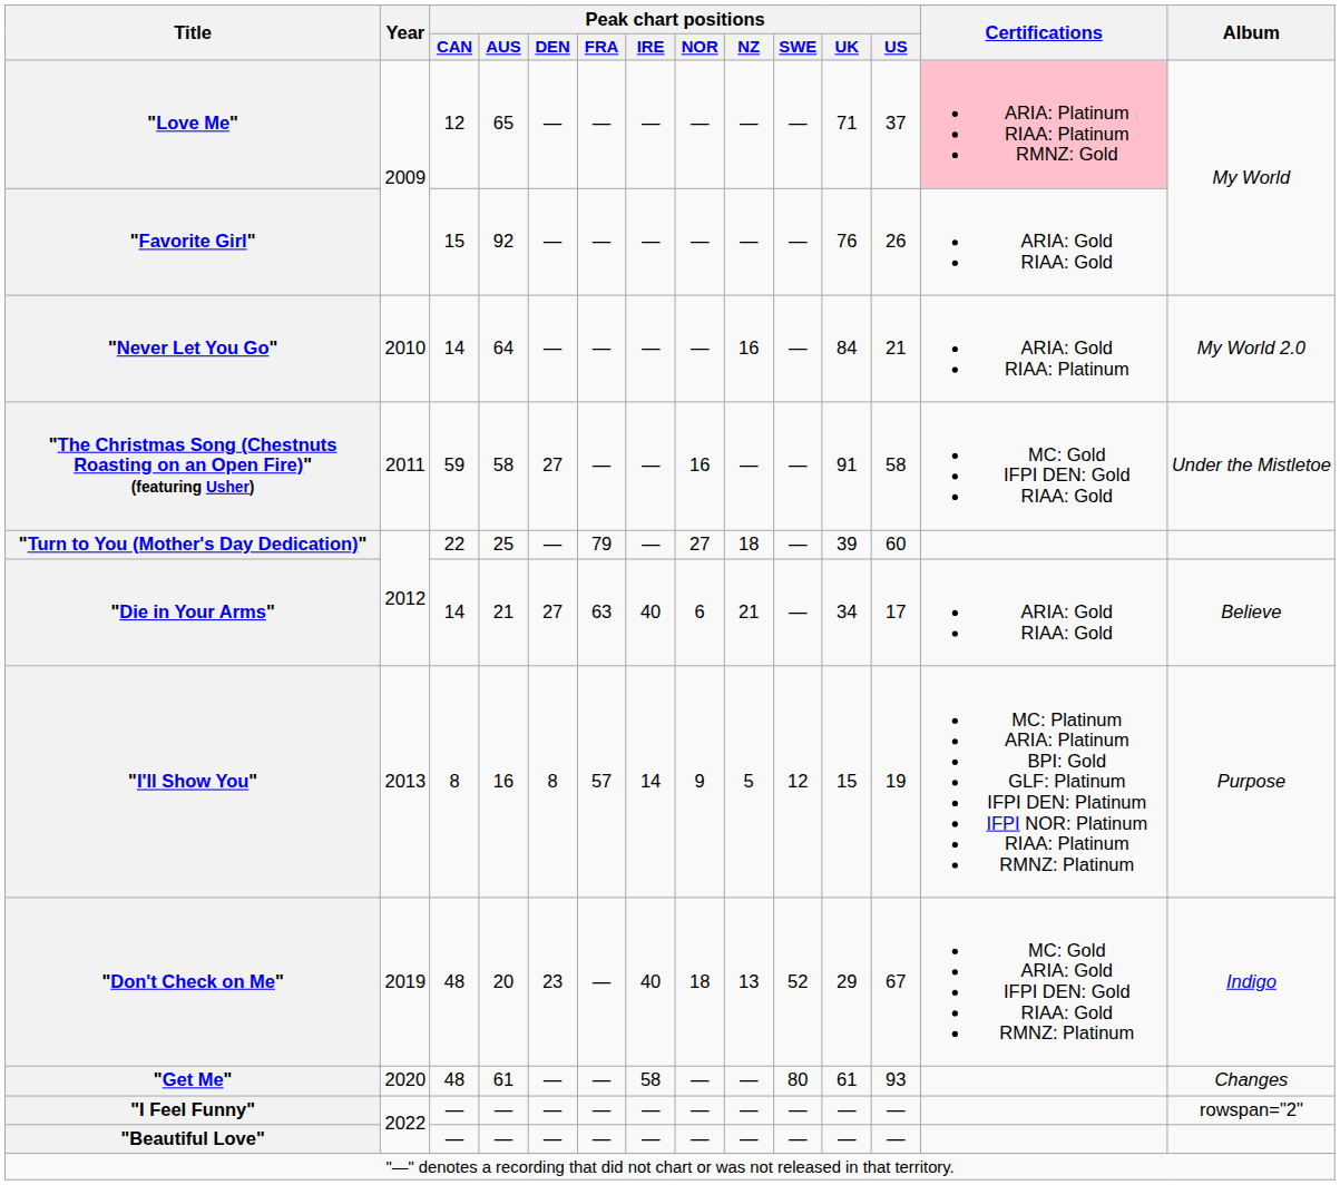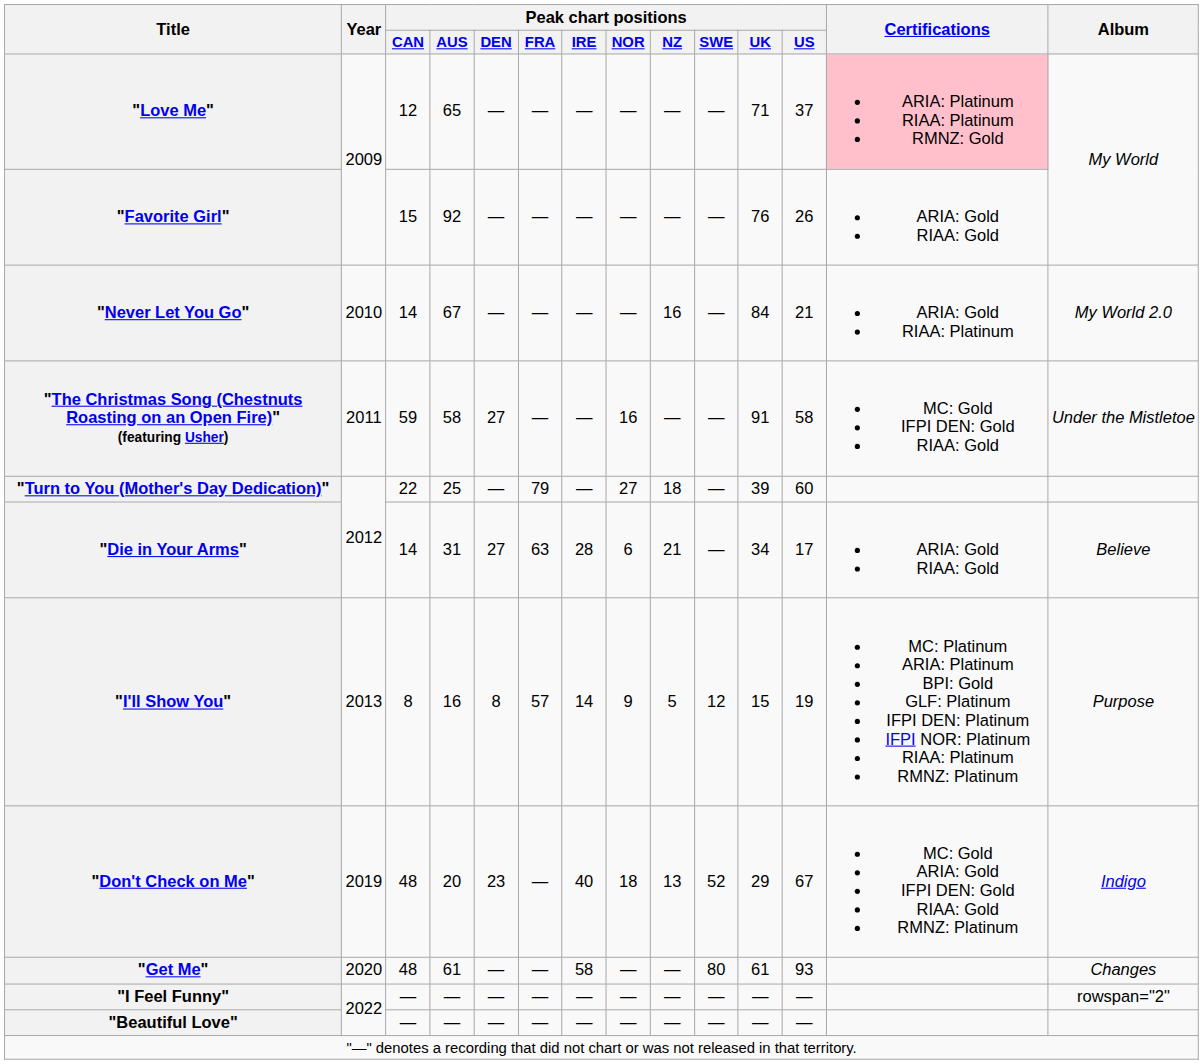 <table class="wikitable plainrowheaders" style="text-align:center;">
 <tr>
 <th scope="col" rowspan="2" style="width:20em;">Title</th>
 <th scope="col" rowspan="2" style="width:1em;">Year</th>
 <th scope="col" colspan="10">Peak chart positions</th>
 <th scope="col" rowspan="2" style="width:13em;"><a href='#'>Certifications</a></th>
 <th scope="col" rowspan="2">Album</th>
 </tr>
 <tr>
 <th scope="col" style="width:2.5em;font-size:90%;"><a href='#'>CAN</a><br></th>
 <th scope="col" style="width:2.5em;font-size:90%;"><a href='#'>AUS</a><br></th>
 <th scope="col" style="width:2.5em;font-size:90%;"><a href='#'>DEN</a><br></th>
 <th scope="col" style="width:2.5em;font-size:90%;"><a href='#'>FRA</a><br></th>
 <th scope="col" style="width:2.5em;font-size:90%;"><a href='#'>IRE</a><br></th>
 <th scope="col" style="width:2.5em;font-size:90%;"><a href='#'>NOR</a><br></th>
 <th scope="col" style="width:2.5em;font-size:90%;"><a href='#'>NZ</a><br></th>
 <th scope="col" style="width:2.5em;font-size:90%;"><a href='#'>SWE</a><br></th>
 <th scope="col" style="width:2.5em;font-size:90%;"><a href='#'>UK</a><br></th>
 <th scope="col" style="width:2.5em;font-size:90%;"><a href='#'>US</a><br></th>
 </tr>
 <tr>
 <th scope="row">"<a href='#'>Love Me</a>"</th>
 <td rowspan="2">2009</td>
 <td>12</td>
 <td>65</td>
 <td>—</td>
 <td>—</td>
 <td>—</td>
 <td>—</td>
 <td>—</td>
 <td>—</td>
 <td>71</td>
 <td>37</td>
 <td style="background: pink;"><br><ul><li>ARIA: Platinum</li><li>RIAA: Platinum</li><li>RMNZ: Gold</li></ul></td>
 <td rowspan="2"><em>My World</em></td>
 </tr>
 <tr>
 <th scope="row">"<a href='#'>Favorite Girl</a>"</th>
 <td>15</td>
 <td>92</td>
 <td>—</td>
 <td>—</td>
 <td>—</td>
 <td>—</td>
 <td>—</td>
 <td>—</td>
 <td>76</td>
 <td>26</td>
 <td><br><ul><li>ARIA: Gold</li><li>RIAA: Gold</li></ul></td>
 </tr>
 <tr>
 <th scope="row">"<a href='#'>Never Let You Go</a>"</th>
 <td>2010</td>
 <td>14</td>
-<td>64</td>
+<td>67</td>
 <td>—</td>
 <td>—</td>
 <td>—</td>
 <td>—</td>
 <td>16</td>
 <td>—</td>
 <td>84</td>
 <td>21</td>
 <td><br><ul><li>ARIA: Gold</li><li>RIAA: Platinum</li></ul></td>
 <td><em>My World 2.0</em></td>
 </tr>
 <tr>
 <th scope="row">"<a href='#'>The Christmas Song (Chestnuts Roasting on an Open Fire)</a>"<br><small>(featuring <a href='#'>Usher</a>)</small></th>
 <td>2011</td>
 <td>59</td>
 <td>58</td>
 <td>27</td>
 <td>—</td>
 <td>—</td>
 <td>16</td>
 <td>—</td>
 <td>—</td>
 <td>91</td>
 <td>58</td>
 <td><br><ul><li>MC: Gold</li><li>IFPI DEN: Gold</li><li>RIAA: Gold</li></ul></td>
 <td><em>Under the Mistletoe</em></td>
 </tr>
 <tr>
 <th scope="row">"<a href='#'>Turn to You (Mother's Day Dedication)</a>"</th>
 <td rowspan="2">2012</td>
 <td>22</td>
 <td>25</td>
 <td>—</td>
 <td>79</td>
 <td>—</td>
 <td>27</td>
 <td>18</td>
 <td>—</td>
 <td>39</td>
 <td>60</td>
 <td></td>
 <td></td>
 </tr>
 <tr>
 <th scope="row">"<a href='#'>Die in Your Arms</a>"</th>
 <td>14</td>
-<td>21</td>
+<td>31</td>
 <td>27</td>
 <td>63</td>
-<td>40</td>
+<td>28</td>
 <td>6</td>
 <td>21</td>
 <td>—</td>
 <td>34</td>
 <td>17</td>
 <td><br><ul><li>ARIA: Gold</li><li>RIAA: Gold</li></ul></td>
 <td><em>Believe</em></td>
 </tr>
 <tr>
 <th scope="row">"<a href='#'>I'll Show You</a>"</th>
 <td>2013</td>
 <td>8</td>
 <td>16</td>
 <td>8</td>
 <td>57</td>
 <td>14</td>
 <td>9</td>
 <td>5</td>
 <td>12</td>
 <td>15</td>
 <td>19</td>
 <td><br><ul><li>MC: Platinum</li><li>ARIA: Platinum</li><li>BPI: Gold</li><li>GLF: Platinum</li><li>IFPI DEN: Platinum</li><li><a href='#'>IFPI</a> NOR: Platinum</li><li>RIAA: Platinum</li><li>RMNZ: Platinum</li></ul></td>
 <td><em>Purpose</em></td>
 </tr>
 <tr>
 <th scope="row">"<a href='#'>Don't Check on Me</a>"<br></th>
 <td>2019</td>
 <td>48</td>
 <td>20</td>
 <td>23</td>
 <td>—</td>
 <td>40</td>
 <td>18</td>
 <td>13</td>
 <td>52</td>
 <td>29</td>
 <td>67</td>
 <td><br><ul><li>MC: Gold</li><li>ARIA: Gold</li><li>IFPI DEN: Gold</li><li>RIAA: Gold</li><li>RMNZ: Platinum</li></ul></td>
 <td><em><a href='#'>Indigo</a></em></td>
 </tr>
 <tr>
 <th scope="row">"<a href='#'>Get Me</a>"<br></th>
 <td>2020</td>
 <td>48</td>
 <td>61</td>
 <td>—</td>
 <td>—</td>
 <td>58</td>
 <td>—</td>
 <td>—</td>
 <td>80</td>
 <td>61</td>
 <td>93</td>
 <td></td>
 <td><em>Changes</em></td>
 </tr>
 <tr>
 <th scope="row">"I Feel Funny"</th>
 <td rowspan="2">2022</td>
 <td>—</td>
 <td>—</td>
 <td>—</td>
 <td>—</td>
 <td>—</td>
 <td>—</td>
 <td>—</td>
 <td>—</td>
 <td>—</td>
 <td>—</td>
 <td></td>
 <td>rowspan="2" </td>
 </tr>
 <tr>
 <th scope="row">"Beautiful Love"</th>
 <td>—</td>
 <td>—</td>
 <td>—</td>
 <td>—</td>
 <td>—</td>
 <td>—</td>
 <td>—</td>
 <td>—</td>
 <td>—</td>
 <td>—</td>
 <td></td>
 </tr>
 <tr>
 <td colspan="15" style="font-size:90%">"—" denotes a recording that did not chart or was not released in that territory.</td>
 </tr>
 </table>
